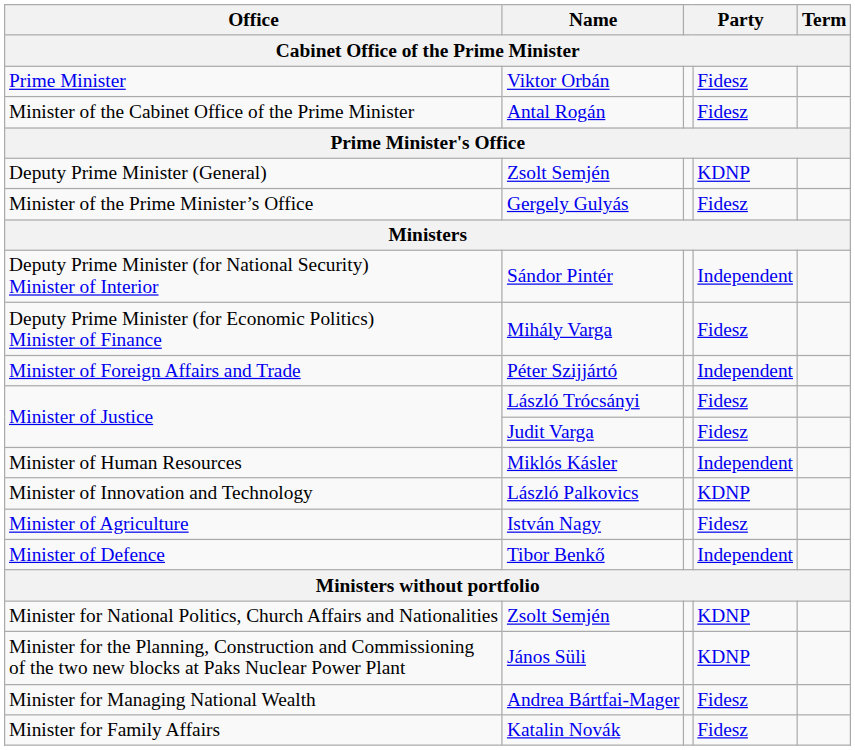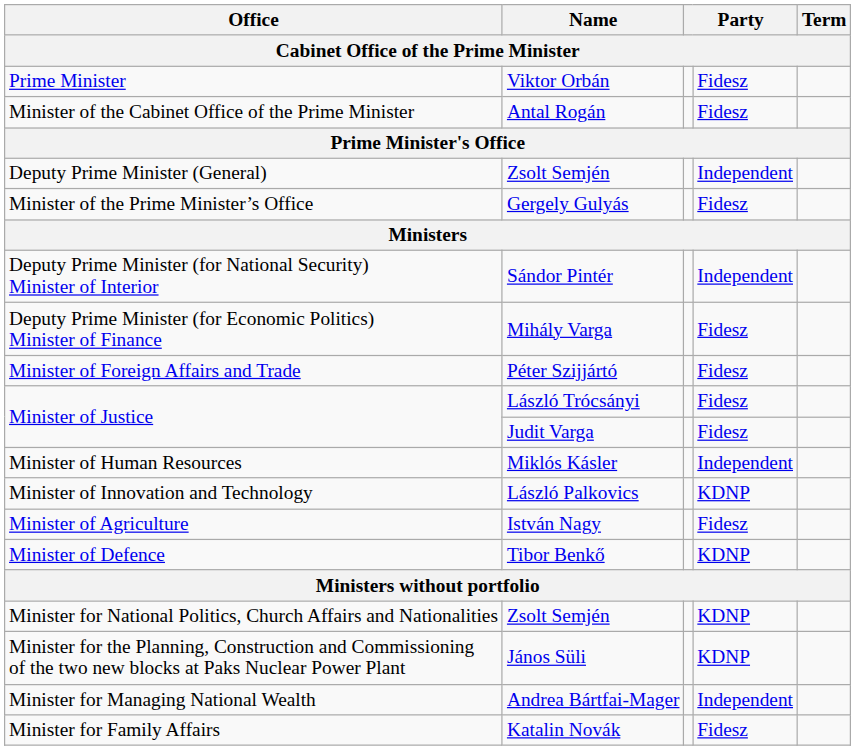 <table class="wikitable" style="font-size: 100%;">
 <tr>
 <th>Office</th>
 <th>Name</th>
 <th colspan=2>Party</th>
 <th>Term</th>
 </tr>
 <tr>
 <th colspan="5" style="text-align: center;">Cabinet Office of the Prime Minister</th>
 </tr>
 <tr>
 <td><a href='#'>Prime Minister</a></td>
 <td><a href='#'>Viktor Orbán</a></td>
 <td style="color:inherit;background:"></td>
 <td><a href='#'>Fidesz</a></td>
 <td></td>
 </tr>
 <tr>
 <td>Minister of the Cabinet Office of the Prime Minister</td>
 <td><a href='#'>Antal Rogán</a></td>
 <td style="color:inherit;background:"></td>
 <td><a href='#'>Fidesz</a></td>
 <td></td>
 </tr>
 <tr>
 <th colspan="5" style="text-align: center;">Prime Minister's Office</th>
 </tr>
 <tr>
 <td>Deputy Prime Minister (General)</td>
 <td><a href='#'>Zsolt Semjén</a></td>
 <td style="color:inherit;background:"></td>
-<td><a href='#'>KDNP</a></td>
+<td><a href='#'>Independent</a></td>
 <td></td>
 </tr>
 <tr>
 <td>Minister of the Prime Minister’s Office</td>
 <td><a href='#'>Gergely Gulyás</a></td>
 <td style="color:inherit;background:"></td>
 <td><a href='#'>Fidesz</a></td>
 <td></td>
 </tr>
 <tr>
 <th colspan="5" style="text-align: center;">Ministers</th>
 </tr>
 <tr>
 <td>Deputy Prime Minister (for National Security)<br><a href='#'>Minister of Interior</a></td>
 <td><a href='#'>Sándor Pintér</a></td>
 <td style="color:inherit;background:"></td>
 <td><a href='#'>Independent</a></td>
 <td></td>
 </tr>
 <tr>
 <td>Deputy Prime Minister (for Economic Politics)<br><a href='#'>Minister of Finance</a></td>
 <td><a href='#'>Mihály Varga</a></td>
 <td style="color:inherit;background:"></td>
 <td><a href='#'>Fidesz</a></td>
 <td></td>
 </tr>
 <tr>
 <td><a href='#'>Minister of Foreign Affairs and Trade</a></td>
 <td><a href='#'>Péter Szijjártó</a></td>
 <td style="color:inherit;background:"></td>
-<td><a href='#'>Independent</a></td>
+<td><a href='#'>Fidesz</a></td>
 <td></td>
 </tr>
 <tr>
 <td rowspan=2><a href='#'>Minister of Justice</a></td>
 <td><a href='#'>László Trócsányi</a></td>
 <td style="color:inherit;background:"></td>
 <td><a href='#'>Fidesz</a></td>
 <td></td>
 </tr>
 <tr>
 <td><a href='#'>Judit Varga</a></td>
 <td style="color:inherit;background:"></td>
 <td><a href='#'>Fidesz</a></td>
 <td></td>
 </tr>
 <tr>
 <td>Minister of Human Resources</td>
 <td><a href='#'>Miklós Kásler</a></td>
 <td style="color:inherit;background:"></td>
 <td><a href='#'>Independent</a></td>
 <td></td>
 </tr>
 <tr>
 <td>Minister of Innovation and Technology</td>
 <td><a href='#'>László Palkovics</a></td>
 <td style="color:inherit;background:"></td>
 <td><a href='#'>KDNP</a></td>
 <td></td>
 </tr>
 <tr>
 <td><a href='#'>Minister of Agriculture</a></td>
 <td><a href='#'>István Nagy</a></td>
 <td style="color:inherit;background:"></td>
 <td><a href='#'>Fidesz</a></td>
 <td></td>
 </tr>
 <tr>
 <td><a href='#'>Minister of Defence</a></td>
 <td><a href='#'>Tibor Benkő</a></td>
 <td style="color:inherit;background:"></td>
-<td><a href='#'>Independent</a></td>
+<td><a href='#'>KDNP</a></td>
 <td></td>
 </tr>
 <tr>
 <th colspan="5" style="text-align: center;">Ministers without portfolio</th>
 </tr>
 <tr>
 <td>Minister for National Politics, Church Affairs and Nationalities</td>
 <td><a href='#'>Zsolt Semjén</a></td>
 <td style="color:inherit;background:"></td>
 <td><a href='#'>KDNP</a></td>
 <td></td>
 </tr>
 <tr>
 <td>Minister for the Planning, Construction and Commissioning<br>of the two new blocks at Paks Nuclear Power Plant</td>
 <td><a href='#'>János Süli</a></td>
 <td style="color:inherit;background:"></td>
 <td><a href='#'>KDNP</a></td>
 <td></td>
 </tr>
 <tr>
 <td>Minister for Managing National Wealth</td>
 <td><a href='#'>Andrea Bártfai-Mager</a></td>
 <td style="color:inherit;background:"></td>
-<td><a href='#'>Fidesz</a></td>
+<td><a href='#'>Independent</a></td>
 <td></td>
 </tr>
 <tr>
 <td>Minister for Family Affairs</td>
 <td><a href='#'>Katalin Novák</a></td>
 <td style="color:inherit;background:"></td>
 <td><a href='#'>Fidesz</a></td>
 <td></td>
 </tr>
 </table>
